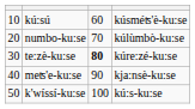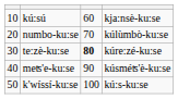 <table class="wikitable">
 <tr>
 <th></th>
 <th></th>
 <th></th>
 <th></th>
 </tr>
 <tr>
 <td>10</td>
 <td>kú:sú</td>
 <td>60</td>
-<td>kúsméʦ'è-ku:se</td>
+<td>kja:nsè-ku:se</td>
 </tr>
 <tr>
 <td>20</td>
 <td>numbo-ku:se</td>
 <td>70</td>
 <td>kúlùmbò-ku:se</td>
 </tr>
 <tr>
 <td>30</td>
 <td>te:zè-ku:se</td>
 <td><strong>80</strong></td>
 <td>kúre:zé-ku:se</td>
 </tr>
 <tr>
 <td>40</td>
 <td>meʦ'e-ku:se</td>
 <td>90</td>
-<td>kja:nsè-ku:se</td>
+<td>kúsméʦ'è-ku:se</td>
 </tr>
 <tr>
 <td>50</td>
 <td>k'wíssí-ku:se</td>
 <td>100</td>
 <td>kú:s-ku:se</td>
 </tr>
 </table>
